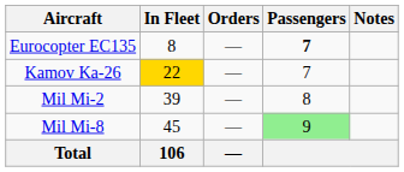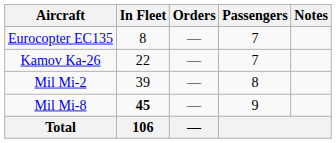 <table class="wikitable" style="border-collapse:collapse;text-align:center;margin:1em auto;">
 <tr>
 <th>Aircraft</th>
 <th>In Fleet</th>
 <th>Orders</th>
 <th>Passengers</th>
 <th>Notes</th>
 </tr>
 <tr>
 <td><a href='#'>Eurocopter EC135</a></td>
 <td>8</td>
 <td>—</td>
-<td><strong>7</strong></td>
+<td>7</td>
 <td></td>
 </tr>
 <tr>
 <td><a href='#'>Kamov Ka-26</a></td>
-<td style="background: gold;">22</td>
+<td>22</td>
 <td>—</td>
 <td>7</td>
 <td></td>
 </tr>
 <tr>
 <td><a href='#'>Mil Mi-2</a></td>
 <td>39</td>
 <td>—</td>
 <td>8</td>
 <td></td>
 </tr>
 <tr>
 <td><a href='#'>Mil Mi-8</a></td>
-<td>45</td>
+<td><strong>45</strong></td>
 <td>—</td>
-<td style="background: lightgreen;">9</td>
+<td>9</td>
 <td></td>
 </tr>
 <tr>
 <th>Total</th>
 <th>106</th>
 <th>—</th>
 <th colspan="2"></th>
 </tr>
 </table>
